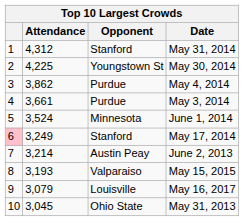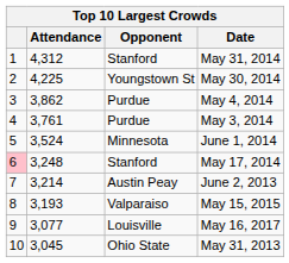 <table class="wikitable" style="float:left; margin:10px;">
 <tr>
 <th colspan="4">Top 10 Largest Crowds</th>
 </tr>
 <tr>
 <th></th>
 <th>Attendance</th>
 <th>Opponent</th>
 <th>Date</th>
 </tr>
 <tr>
 <td>1</td>
 <td>4,312</td>
 <td>Stanford</td>
 <td>May 31, 2014</td>
 </tr>
 <tr>
 <td>2</td>
 <td>4,225</td>
 <td>Youngstown St</td>
 <td>May 30, 2014</td>
 </tr>
 <tr>
 <td>3</td>
 <td>3,862</td>
 <td>Purdue</td>
 <td>May 4, 2014</td>
 </tr>
 <tr>
 <td>4</td>
-<td>3,661</td>
+<td>3,761</td>
 <td>Purdue</td>
 <td>May 3, 2014</td>
 </tr>
 <tr>
 <td>5</td>
 <td>3,524</td>
 <td>Minnesota</td>
 <td>June 1, 2014</td>
 </tr>
 <tr>
 <td style="background: pink;">6</td>
-<td>3,249</td>
+<td>3,248</td>
 <td>Stanford</td>
 <td>May 17, 2014</td>
 </tr>
 <tr>
 <td>7</td>
 <td>3,214</td>
 <td>Austin Peay</td>
 <td>June 2, 2013</td>
 </tr>
 <tr>
 <td>8</td>
 <td>3,193</td>
 <td>Valparaiso</td>
 <td>May 15, 2015</td>
 </tr>
 <tr>
 <td>9</td>
-<td>3,079</td>
+<td>3,077</td>
 <td>Louisville</td>
 <td>May 16, 2017</td>
 </tr>
 <tr>
 <td>10</td>
 <td>3,045</td>
 <td>Ohio State</td>
 <td>May 31, 2013</td>
 </tr>
 </table>
